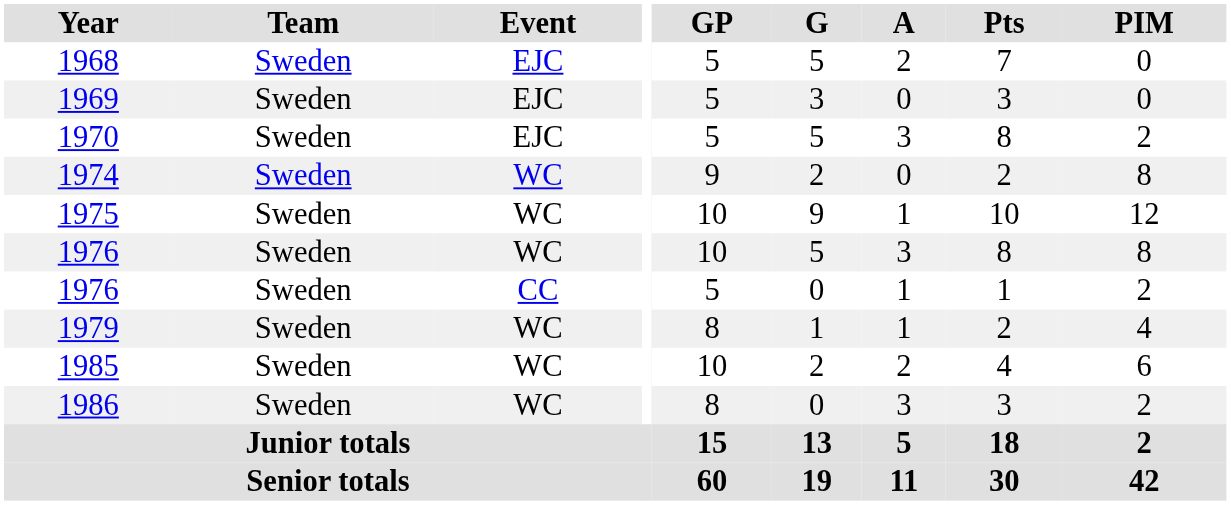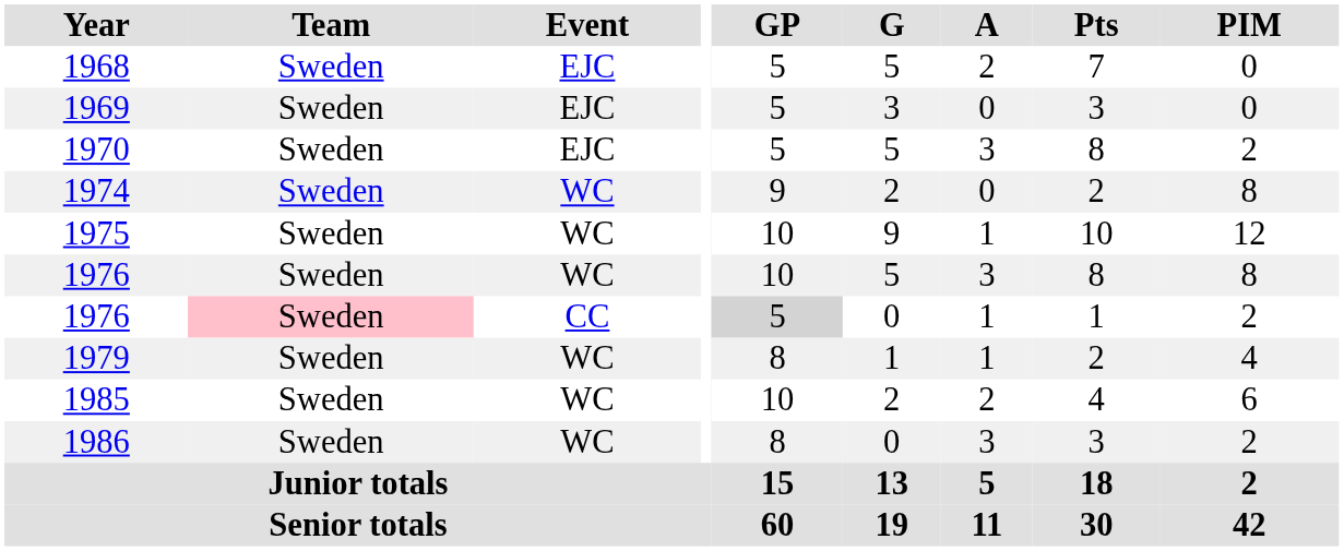 <table border="0" cellpadding="1" cellspacing="0" ID="Table3" style="text-align:center; width:40em">
 <tr bgcolor="#e0e0e0">
 <th>Year</th>
 <th>Team</th>
 <th>Event</th>
 <th rowspan="102" bgcolor="#ffffff"></th>
 <th>GP</th>
 <th>G</th>
 <th>A</th>
 <th>Pts</th>
 <th>PIM</th>
 </tr>
 <tr>
 <td><a href='#'>1968</a></td>
 <td><a href='#'>Sweden</a></td>
 <td><a href='#'>EJC</a></td>
 <td>5</td>
 <td>5</td>
 <td>2</td>
 <td>7</td>
 <td>0</td>
 </tr>
 <tr bgcolor="#f0f0f0">
 <td><a href='#'>1969</a></td>
 <td>Sweden</td>
 <td>EJC</td>
 <td>5</td>
 <td>3</td>
 <td>0</td>
 <td>3</td>
 <td>0</td>
 </tr>
 <tr>
 <td><a href='#'>1970</a></td>
 <td>Sweden</td>
 <td>EJC</td>
 <td>5</td>
 <td>5</td>
 <td>3</td>
 <td>8</td>
 <td>2</td>
 </tr>
 <tr bgcolor="#f0f0f0">
 <td><a href='#'>1974</a></td>
 <td><a href='#'>Sweden</a></td>
 <td><a href='#'>WC</a></td>
 <td>9</td>
 <td>2</td>
 <td>0</td>
 <td>2</td>
 <td>8</td>
 </tr>
 <tr>
 <td><a href='#'>1975</a></td>
 <td>Sweden</td>
 <td>WC</td>
 <td>10</td>
 <td>9</td>
 <td>1</td>
 <td>10</td>
 <td>12</td>
 </tr>
 <tr bgcolor="#f0f0f0">
 <td><a href='#'>1976</a></td>
 <td>Sweden</td>
 <td>WC</td>
 <td>10</td>
 <td>5</td>
 <td>3</td>
 <td>8</td>
 <td>8</td>
 </tr>
 <tr>
 <td><a href='#'>1976</a></td>
-<td>Sweden</td>
+<td style="background: pink;">Sweden</td>
 <td><a href='#'>CC</a></td>
-<td>5</td>
+<td style="background: lightgrey;">5</td>
 <td>0</td>
 <td>1</td>
 <td>1</td>
 <td>2</td>
 </tr>
 <tr bgcolor="#f0f0f0">
 <td><a href='#'>1979</a></td>
 <td>Sweden</td>
 <td>WC</td>
 <td>8</td>
 <td>1</td>
 <td>1</td>
 <td>2</td>
 <td>4</td>
 </tr>
 <tr>
 <td><a href='#'>1985</a></td>
 <td>Sweden</td>
 <td>WC</td>
 <td>10</td>
 <td>2</td>
 <td>2</td>
 <td>4</td>
 <td>6</td>
 </tr>
 <tr bgcolor="#f0f0f0">
 <td><a href='#'>1986</a></td>
 <td>Sweden</td>
 <td>WC</td>
 <td>8</td>
 <td>0</td>
 <td>3</td>
 <td>3</td>
 <td>2</td>
 </tr>
 <tr bgcolor="#e0e0e0">
 <th colspan="4">Junior totals</th>
 <th>15</th>
 <th>13</th>
 <th>5</th>
 <th>18</th>
 <th>2</th>
 </tr>
 <tr bgcolor="#e0e0e0">
 <th colspan="4">Senior totals</th>
 <th>60</th>
 <th>19</th>
 <th>11</th>
 <th>30</th>
 <th>42</th>
 </tr>
 </table>
